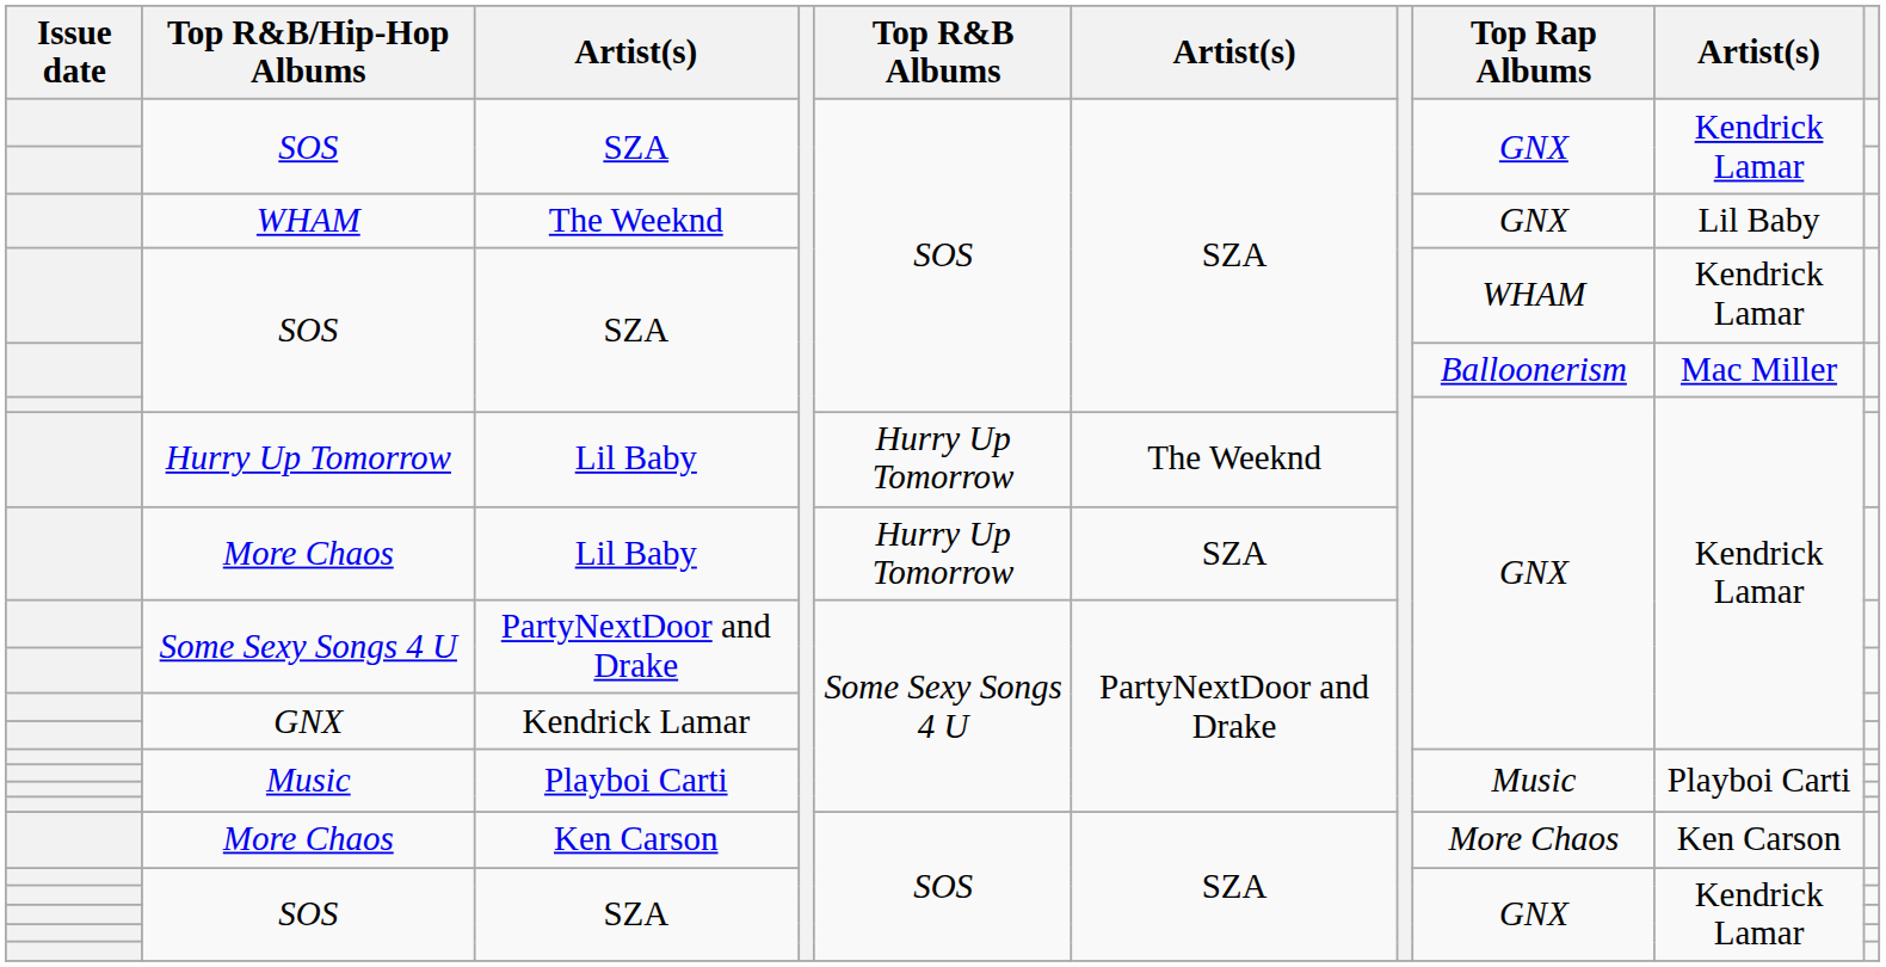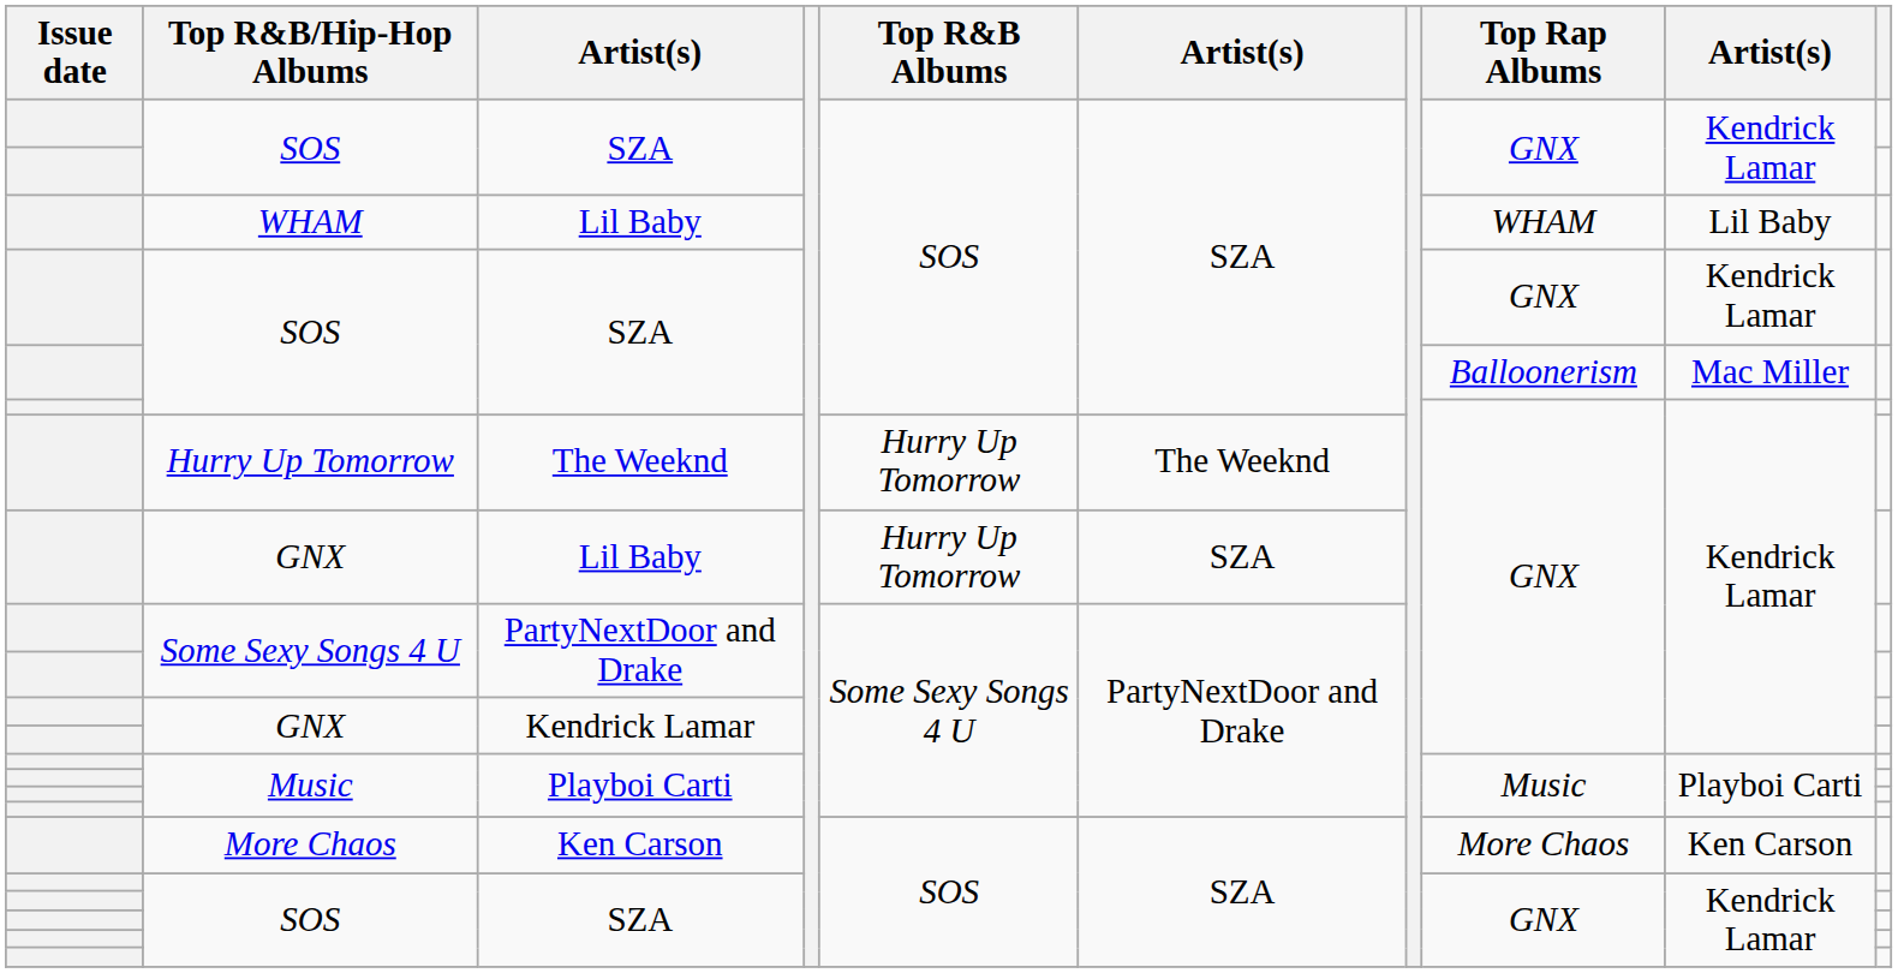 <table class="wikitable plainrowheaders" style="text-align:center;">
 <tr>
 <th scope="col">Issue date</th>
 <th scope="col">Top R&B/Hip-Hop Albums</th>
 <th scope="col">Artist(s)</th>
 <th rowspan="55"></th>
 <th scope="col">Top R&B Albums</th>
 <th scope="col">Artist(s)</th>
 <th rowspan="55"></th>
 <th scope="col">Top Rap Albums</th>
 <th scope="col">Artist(s)</th>
 <th scope="col"></th>
 </tr>
 <tr>
 <th scope="row"></th>
 <td rowspan="2"><em><a href='#'>SOS</a></em></td>
 <td rowspan="2"><a href='#'>SZA</a></td>
 <td rowspan="6"><em>SOS</em></td>
 <td rowspan="6">SZA</td>
 <td rowspan="2"><em><a href='#'>GNX</a></em></td>
 <td rowspan="2"><a href='#'>Kendrick Lamar</a></td>
 <td></td>
 </tr>
 <tr>
 <th scope="row"></th>
 <td></td>
 </tr>
 <tr>
 <th scope="row"></th>
 <td><em><a href='#'>WHAM</a></em></td>
-<td><a href='#'>The Weeknd</a></td>
-<td><em>GNX</em></td>
+<td><a href='#'>Lil Baby</a></td>
+<td><em>WHAM</em></td>
 <td>Lil Baby</td>
 <td></td>
 </tr>
 <tr>
 <th scope="row"></th>
 <td rowspan="3"><em>SOS</em></td>
 <td rowspan="3">SZA</td>
-<td><em>WHAM</em></td>
+<td><em>GNX</em></td>
 <td>Kendrick Lamar</td>
 <td></td>
 </tr>
 <tr>
 <th scope="row"></th>
 <td><em><a href='#'>Balloonerism</a></em></td>
 <td><a href='#'>Mac Miller</a></td>
 <td></td>
 </tr>
 <tr>
 <th scope="row"></th>
 <td rowspan="7"><em>GNX</em></td>
 <td rowspan="7">Kendrick Lamar</td>
 <td></td>
 </tr>
 <tr>
 <th scope="row"></th>
 <td><em><a href='#'>Hurry Up Tomorrow</a></em></td>
-<td><a href='#'>Lil Baby</a></td>
+<td><a href='#'>The Weeknd</a></td>
 <td><em>Hurry Up Tomorrow</em></td>
 <td>The Weeknd</td>
 <td></td>
 </tr>
 <tr>
 <th scope="row"></th>
-<td><em><a href='#'>More Chaos</a></em></td>
+<td><em>GNX</em></td>
 <td><a href='#'>Lil Baby</a></td>
 <td><em>Hurry Up Tomorrow</em></td>
 <td>SZA</td>
 <td></td>
 </tr>
 <tr>
 <th scope="row"></th>
 <td rowspan="2"><em><a href='#'>Some Sexy Songs 4 U</a></em></td>
 <td rowspan="2"><a href='#'>PartyNextDoor</a> and <a href='#'>Drake</a></td>
 <td rowspan="8"><em>Some Sexy Songs 4 U</em></td>
 <td rowspan="8">PartyNextDoor and Drake</td>
 <td></td>
 </tr>
 <tr>
 <th scope="row"></th>
 <td></td>
 </tr>
 <tr>
 <th scope="row"></th>
 <td rowspan="2"><em>GNX</em></td>
 <td rowspan="2">Kendrick Lamar</td>
 <td></td>
 </tr>
 <tr>
 <th scope="row"></th>
 <td></td>
 </tr>
 <tr>
 <th scope="row"></th>
 <td rowspan="4"><em><a href='#'>Music</a></em></td>
 <td rowspan="4"><a href='#'>Playboi Carti</a></td>
 <td rowspan="4"><em>Music</em></td>
 <td rowspan="4">Playboi Carti</td>
 <td></td>
 </tr>
 <tr>
 <th scope="row"></th>
 <td></td>
 </tr>
 <tr>
 <th scope="row"></th>
 <td></td>
 </tr>
 <tr>
 <th scope="row"></th>
 <td></td>
 </tr>
 <tr>
 <th scope="row"></th>
 <td><em><a href='#'>More Chaos</a></em></td>
 <td><a href='#'>Ken Carson</a></td>
 <td rowspan="6"><em>SOS</em></td>
 <td rowspan="6">SZA</td>
 <td><em>More Chaos</em></td>
 <td>Ken Carson</td>
 <td></td>
 </tr>
 <tr>
 <th scope="row"></th>
 <td rowspan="5"><em>SOS</em></td>
 <td rowspan="5">SZA</td>
 <td rowspan="5"><em>GNX</em></td>
 <td rowspan="5">Kendrick Lamar</td>
 <td></td>
 </tr>
 <tr>
 <th scope="row"></th>
 <td></td>
 </tr>
 <tr>
 <th scope="row"></th>
 <td></td>
 </tr>
 <tr>
 <th scope="row"></th>
 <td></td>
 </tr>
 <tr>
 <th scope="row"></th>
 <td></td>
 </tr>
 </table>
